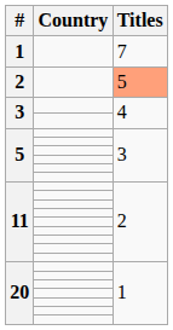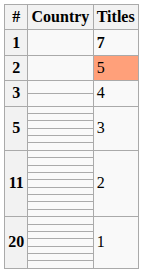 <table class="wikitable sortable;">
 <tr>
 <th>#</th>
 <th>Country</th>
 <th>Titles</th>
 </tr>
 <tr>
 <th>1</th>
 <td></td>
-<td>7</td>
+<td><strong>7</strong></td>
 </tr>
 <tr>
 <th>2</th>
 <td></td>
 <td style="background: lightsalmon;">5</td>
 </tr>
 <tr>
 <th rowspan=2>3</th>
 <td></td>
 <td rowspan=2>4</td>
 </tr>
 <tr>
 <td></td>
 </tr>
 <tr>
 <th rowspan=6>5</th>
 <td></td>
 <td rowspan=6>3</td>
 </tr>
 <tr>
 <td></td>
 </tr>
 <tr>
 <td></td>
 </tr>
 <tr>
 <td></td>
 </tr>
 <tr>
 <td></td>
 </tr>
 <tr>
 <td></td>
 </tr>
 <tr>
 <th rowspan=9>11</th>
 <td></td>
 <td rowspan=9>2</td>
 </tr>
 <tr>
 <td></td>
 </tr>
 <tr>
 <td></td>
 </tr>
 <tr>
 <td></td>
 </tr>
 <tr>
 <td></td>
 </tr>
 <tr>
 <td></td>
 </tr>
 <tr>
 <td></td>
 </tr>
 <tr>
 <td></td>
 </tr>
 <tr>
 <td></td>
 </tr>
 <tr>
 <th rowspan=8>20</th>
 <td></td>
 <td rowspan=8>1</td>
 </tr>
 <tr>
 <td></td>
 </tr>
 <tr>
 <td></td>
 </tr>
 <tr>
 <td></td>
 </tr>
 <tr>
 <td></td>
 </tr>
 <tr>
 <td></td>
 </tr>
 <tr>
 <td></td>
 </tr>
 </table>
